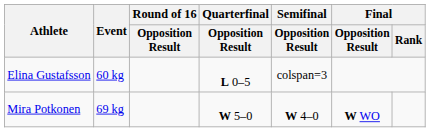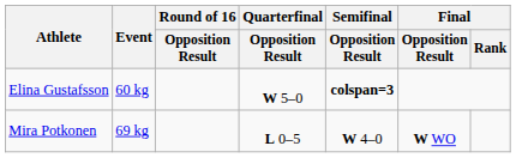 <table class=wikitable style=font-size:90%;text-align:center>
 <tr>
 <th rowspan=2>Athlete</th>
 <th rowspan=2>Event</th>
 <th>Round of 16</th>
 <th>Quarterfinal</th>
 <th>Semifinal</th>
 <th colspan=2>Final</th>
 </tr>
 <tr style=font-size:95%>
 <th>Opposition<br>Result</th>
 <th>Opposition<br>Result</th>
 <th>Opposition<br>Result</th>
 <th>Opposition<br>Result</th>
 <th>Rank</th>
 </tr>
 <tr>
 <td align="left"><a href='#'>Elina Gustafsson</a></td>
 <td align="left"><a href='#'>60 kg</a></td>
 <td></td>
-<td><br> <strong>L</strong> 0–5</td>
-<td>colspan=3 </td>
+<td><br> <strong>W</strong> 5–0</td>
+<td><strong>colspan=3 </strong></td>
 </tr>
 <tr>
 <td align="left"><a href='#'>Mira Potkonen</a></td>
 <td align="left"><a href='#'>69 kg</a></td>
 <td></td>
-<td><br> <strong>W</strong> 5–0</td>
+<td><br> <strong>L</strong> 0–5</td>
 <td><br> <strong>W</strong> 4–0</td>
 <td><br> <strong>W</strong> <a href='#'>WO</a></td>
 <td></td>
 </tr>
 </table>
